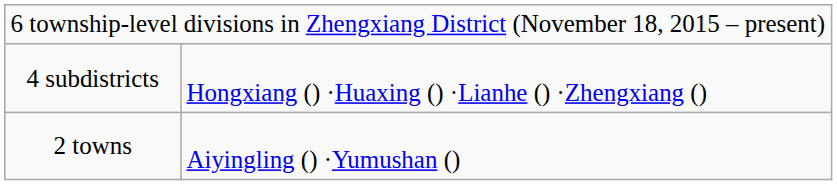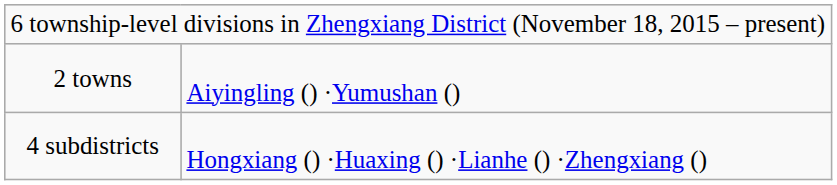 <table class="wikitable">
 <tr>
 <td style="text-align:center;" colspan="2">6 township-level divisions in <a href='#'>Zhengxiang District</a> (November 18, 2015 – present)</td>
 </tr>
 <tr align=left>
+<td align=center>2 towns</td>
+<td><br><a href='#'>Aiyingling</a> () ·<a href='#'>Yumushan</a> ()</td>
+</tr>
+<tr align=left>
 <td align=center>4 subdistricts</td>
 <td><br><a href='#'>Hongxiang</a> () ·<a href='#'>Huaxing</a> () ·<a href='#'>Lianhe</a> () ·<a href='#'>Zhengxiang</a> ()</td>
 </tr>
-<tr align=left>
-<td align=center>2 towns</td>
-<td><br><a href='#'>Aiyingling</a> () ·<a href='#'>Yumushan</a> ()</td>
-</tr>
 </table>
